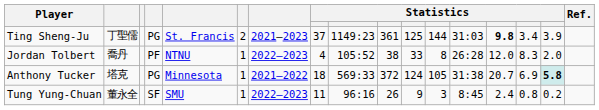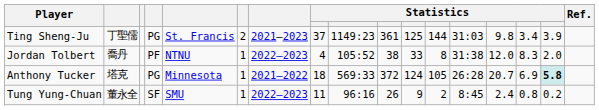 <table class="wikitable sortable" style="font-size:95%; text-align:right;">
 <tr>
 <th rowspan="2">Player</th>
 <th rowspan="2"></th>
 <th rowspan="2"></th>
 <th rowspan="2"></th>
 <th rowspan="2"></th>
 <th rowspan="2"></th>
 <th rowspan="2"></th>
 <th colspan="9">Statistics</th>
 <th rowspan="2">Ref.</th>
 </tr>
 <tr>
 <th></th>
 <th></th>
 <th></th>
 <th></th>
 <th></th>
 <th></th>
 <th></th>
 <th></th>
 <th></th>
 </tr>
 <tr>
 <td align="left">Ting Sheng-Ju</td>
 <td align="left">丁聖儒</td>
 <td align="center"></td>
 <td align="center">PG</td>
 <td align="left"><a href='#'>St. Francis</a></td>
 <td align="center">2</td>
 <td align="center"><a href='#'>2021</a>–<a href='#'>2023</a></td>
 <td>37</td>
 <td>1149:23</td>
 <td>361</td>
 <td>125</td>
 <td>144</td>
 <td>31:03</td>
-<td><strong>9.8</strong></td>
+<td>9.8</td>
 <td>3.4</td>
 <td>3.9</td>
 <td align="center"></td>
 </tr>
 <tr>
 <td align="left">Jordan Tolbert</td>
 <td align="left">喬丹</td>
 <td align="center"></td>
 <td align="center">PF</td>
 <td align="left"><a href='#'>NTNU</a></td>
 <td align="center">1</td>
 <td align="center"><a href='#'>2022–2023</a></td>
 <td>4</td>
 <td>105:52</td>
 <td>38</td>
 <td>33</td>
 <td>8</td>
-<td>26:28</td>
+<td>31:38</td>
 <td>12.0</td>
 <td>8.3</td>
 <td>2.0</td>
 <td align="center"></td>
 </tr>
 <tr>
 <td align="left">Anthony Tucker</td>
 <td align="left">塔克</td>
 <td align="center"></td>
 <td align="center">PG</td>
 <td align="left"><a href='#'>Minnesota</a></td>
 <td align="center">1</td>
 <td align="center"><a href='#'>2021–2022</a></td>
 <td>18</td>
 <td>569:33</td>
 <td>372</td>
 <td>124</td>
 <td>105</td>
-<td>31:38</td>
+<td>26:28</td>
 <td>20.7</td>
 <td>6.9</td>
 <td bgcolor="#CFECEC"><strong>5.8</strong></td>
 <td align="center"></td>
 </tr>
 <tr>
 <td align="left">Tung Yung-Chuan</td>
 <td align="left">董永全</td>
 <td align="center"></td>
 <td align="center">SF</td>
 <td align="left"><a href='#'>SMU</a></td>
 <td align="center">1</td>
 <td align="center"><a href='#'>2022–2023</a></td>
 <td>11</td>
 <td>96:16</td>
 <td>26</td>
 <td>9</td>
-<td>3</td>
+<td>2</td>
 <td>8:45</td>
 <td>2.4</td>
 <td>0.8</td>
 <td>0.2</td>
 <td align="center"></td>
 </tr>
 </table>
